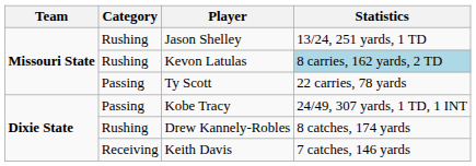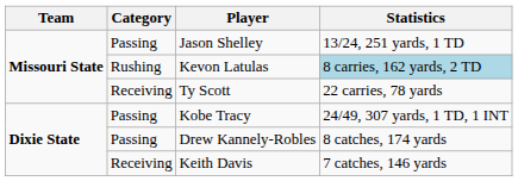 <table class="wikitable" style="float: right;">
 <tr>
 <th>Team</th>
 <th>Category</th>
 <th>Player</th>
 <th>Statistics</th>
 </tr>
 <tr>
 <td rowspan=3><strong>Missouri State</strong></td>
-<td>Rushing</td>
+<td>Passing</td>
 <td>Jason Shelley</td>
 <td>13/24, 251 yards, 1 TD</td>
 </tr>
 <tr>
 <td>Rushing</td>
 <td>Kevon Latulas</td>
 <td style="background: lightblue;">8 carries, 162 yards, 2 TD</td>
 </tr>
 <tr>
-<td>Passing</td>
+<td>Receiving</td>
 <td>Ty Scott</td>
 <td>22 carries, 78 yards</td>
 </tr>
 <tr>
 <td rowspan=3><strong>Dixie State</strong></td>
 <td>Passing</td>
 <td>Kobe Tracy</td>
 <td>24/49, 307 yards, 1 TD, 1 INT</td>
 </tr>
 <tr>
-<td>Rushing</td>
+<td>Passing</td>
 <td>Drew Kannely-Robles</td>
 <td>8 catches, 174 yards</td>
 </tr>
 <tr>
 <td>Receiving</td>
 <td>Keith Davis</td>
 <td>7 catches, 146 yards</td>
 </tr>
 </table>
